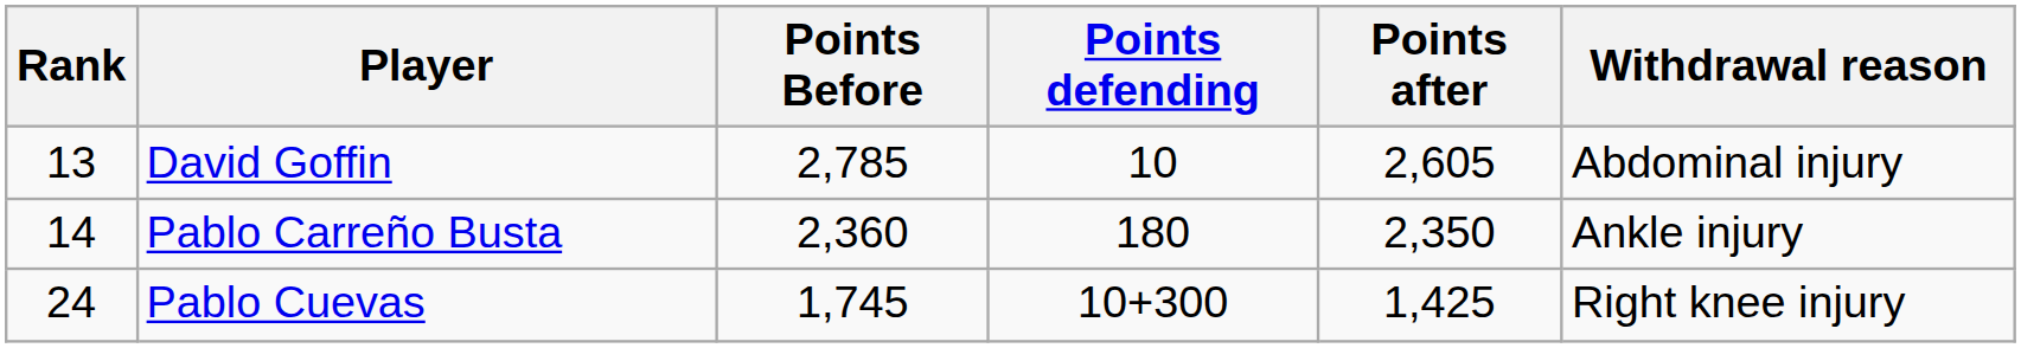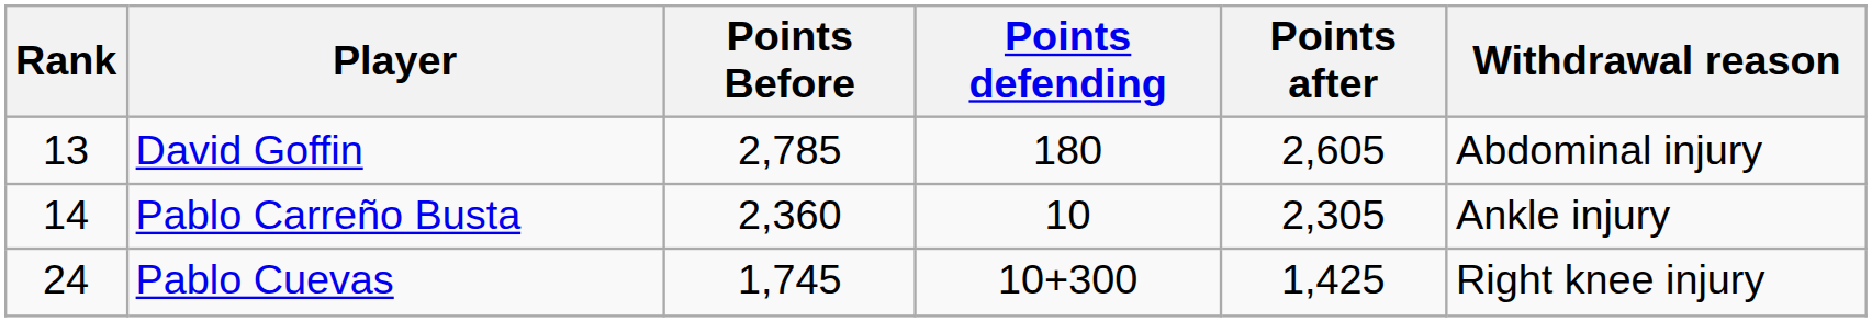 <table class="wikitable" style="text-align:center;">
 <tr>
 <th style="width:30px;">Rank</th>
 <th style="width:200px;">Player</th>
 <th style="width:90px;">Points Before</th>
 <th style="width:110px;"><a href='#'>Points defending</a></th>
 <th style="width:80px;">Points after</th>
 <th style="width:155px;">Withdrawal reason</th>
 </tr>
 <tr>
 <td>13</td>
 <td style="text-align:left"> <a href='#'>David Goffin</a></td>
 <td>2,785</td>
-<td>10</td>
+<td>180</td>
 <td>2,605</td>
 <td style="text-align:left;">Abdominal injury</td>
 </tr>
 <tr>
 <td>14</td>
 <td style="text-align:left;" data-sort-value=> <a href='#'>Pablo Carreño Busta</a></td>
 <td>2,360</td>
-<td>180</td>
-<td>2,350</td>
+<td>10</td>
+<td>2,305</td>
 <td style="text-align:left;">Ankle injury</td>
 </tr>
 <tr>
 <td>24</td>
 <td style="text-align:left;" data-sort-value=> <a href='#'>Pablo Cuevas</a></td>
 <td>1,745</td>
 <td>10+300</td>
 <td>1,425</td>
 <td style="text-align:left;">Right knee injury</td>
 </tr>
 </table>
